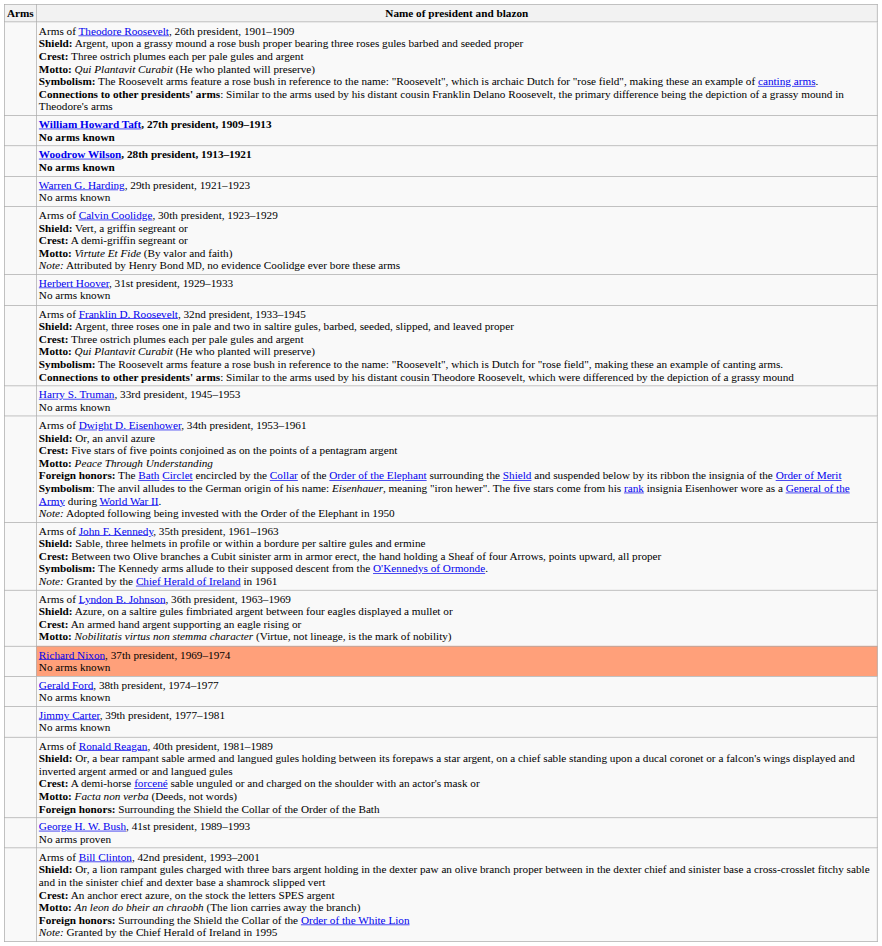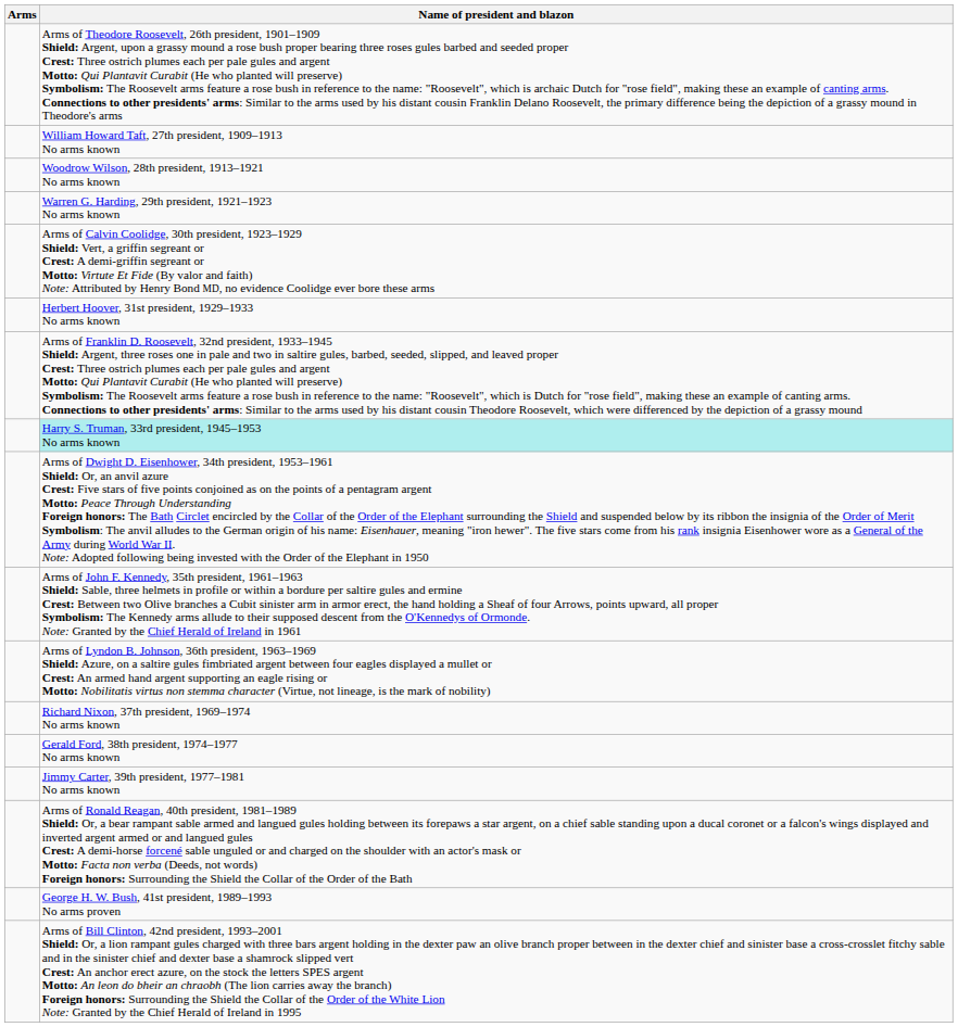 <table class=wikitable>
 <tr style="vertical-align:top; text-align:center;">
 <th>Arms</th>
 <th>Name of president and blazon</th>
 </tr>
 <tr valign=top>
 <td align=center></td>
 <td>Arms of <a href='#'>Theodore Roosevelt</a>, 26th president, 1901–1909<br><strong>Shield:</strong> Argent, upon a grassy mound a rose bush proper bearing three roses gules barbed and seeded proper<br><strong>Crest:</strong> Three ostrich plumes each per pale gules and argent<br><strong>Motto:</strong> <em>Qui Plantavit Curabit</em> (He who planted will preserve)<br><strong>Symbolism:</strong> The Roosevelt arms feature a rose bush in reference to the name: "Roosevelt", which is archaic Dutch for "rose field", making these an example of <a href='#'>canting arms</a>.<br><strong>Connections to other presidents' arms</strong>: Similar to the arms used by his distant cousin Franklin Delano Roosevelt, the primary difference being the depiction of a grassy mound in Theodore's arms</td>
 </tr>
 <tr valign=top>
 <td></td>
-<td><strong><a href='#'>William Howard Taft</a>, 27th president, 1909–1913<br>No arms known</strong></td>
+<td><a href='#'>William Howard Taft</a>, 27th president, 1909–1913<br>No arms known</td>
 </tr>
 <tr valign=top>
 <td></td>
-<td><strong><a href='#'>Woodrow Wilson</a>, 28th president, 1913–1921<br>No arms known</strong></td>
+<td><a href='#'>Woodrow Wilson</a>, 28th president, 1913–1921<br>No arms known</td>
 </tr>
 <tr valign=top>
 <td></td>
 <td><a href='#'>Warren G. Harding</a>, 29th president, 1921–1923<br>No arms known</td>
 </tr>
 <tr valign=top>
 <td align=center></td>
 <td>Arms of <a href='#'>Calvin Coolidge</a>, 30th president, 1923–1929<br><strong>Shield:</strong> Vert, a griffin segreant or<br><strong>Crest:</strong> A demi-griffin segreant or<br><strong>Motto:</strong> <em>Virtute Et Fide</em> (By valor and faith)<br><em>Note:</em> Attributed by Henry Bond <small>MD</small>, no evidence Coolidge ever bore these arms</td>
 </tr>
 <tr valign=top>
 <td></td>
 <td><a href='#'>Herbert Hoover</a>, 31st president, 1929–1933<br>No arms known</td>
 </tr>
 <tr valign=top>
 <td align=center></td>
 <td>Arms of <a href='#'>Franklin D. Roosevelt</a>, 32nd president, 1933–1945<br><strong>Shield:</strong> Argent, three roses one in pale and two in saltire gules, barbed, seeded, slipped, and leaved proper<br><strong>Crest:</strong> Three ostrich plumes each per pale gules and argent<br><strong>Motto:</strong> <em>Qui Plantavit Curabit</em> (He who planted will preserve)<br><strong>Symbolism:</strong> The Roosevelt arms feature a rose bush in reference to the name: "Roosevelt", which is Dutch for "rose field", making these an example of canting arms.<br><strong>Connections to other presidents' arms</strong>: Similar to the arms used by his distant cousin Theodore Roosevelt, which were differenced by the depiction of a grassy mound</td>
 </tr>
 <tr valign=top>
 <td></td>
-<td><a href='#'>Harry S. Truman</a>, 33rd president, 1945–1953<br>No arms known</td>
+<td style="background: paleturquoise;"><a href='#'>Harry S. Truman</a>, 33rd president, 1945–1953<br>No arms known</td>
 </tr>
 <tr valign=top>
 <td align=center></td>
 <td>Arms of <a href='#'>Dwight D. Eisenhower</a>, 34th president, 1953–1961<br><strong>Shield:</strong> Or, an anvil azure<br><strong>Crest:</strong> Five stars of five points conjoined as on the points of a pentagram argent<br><strong>Motto:</strong> <em>Peace Through Understanding</em><br><strong>Foreign honors:</strong> The <a href='#'>Bath</a> <a href='#'>Circlet</a> encircled by the <a href='#'>Collar</a> of the <a href='#'>Order of the Elephant</a> surrounding the <a href='#'>Shield</a> and suspended below by its ribbon the insignia of the <a href='#'>Order of Merit</a><br><strong>Symbolism</strong>: The anvil alludes to the German origin of his name: <em>Eisenhauer</em>, meaning "iron hewer". The five stars come from his <a href='#'>rank</a> insignia Eisenhower wore as a <a href='#'>General of the Army</a> during <a href='#'>World War II</a>.<br><em>Note:</em> Adopted following being invested with the Order of the Elephant in 1950</td>
 </tr>
 <tr valign=top>
 <td align=center></td>
 <td>Arms of <a href='#'>John F. Kennedy</a>, 35th president, 1961–1963<br><strong>Shield:</strong> Sable, three helmets in profile or within a bordure per saltire gules and ermine<br><strong>Crest:</strong> Between two Olive branches a Cubit sinister arm in armor erect, the hand holding a Sheaf of four Arrows, points upward, all proper<br><strong>Symbolism:</strong> The Kennedy arms allude to their supposed descent from the <a href='#'>O'Kennedys of Ormonde</a>.<br><em>Note:</em> Granted by the <a href='#'>Chief Herald of Ireland</a> in 1961</td>
 </tr>
 <tr valign=top>
 <td align=center></td>
 <td>Arms of <a href='#'>Lyndon B. Johnson</a>, 36th president, 1963–1969<br><strong>Shield:</strong> Azure, on a saltire gules fimbriated argent between four eagles displayed a mullet or<br><strong>Crest:</strong> An armed hand argent supporting an eagle rising or<br><strong>Motto:</strong> <em>Nobilitatis virtus non stemma character</em> (Virtue, not lineage, is the mark of nobility)</td>
 </tr>
 <tr valign=top |>
 <td></td>
-<td style="background: lightsalmon;"><a href='#'>Richard Nixon</a>, 37th president, 1969–1974<br>No arms known</td>
+<td><a href='#'>Richard Nixon</a>, 37th president, 1969–1974<br>No arms known</td>
 </tr>
 <tr valign=top |>
 <td></td>
 <td><a href='#'>Gerald Ford</a>, 38th president, 1974–1977<br>No arms known</td>
 </tr>
 <tr valign=top>
 <td></td>
 <td><a href='#'>Jimmy Carter</a>, 39th president, 1977–1981<br>No arms known</td>
 </tr>
 <tr valign=top>
 <td align=center></td>
 <td>Arms of <a href='#'>Ronald Reagan</a>, 40th president, 1981–1989<br><strong>Shield:</strong> Or, a bear rampant sable armed and langued gules holding between its forepaws a star argent, on a chief sable standing upon a ducal coronet or a falcon's wings displayed and inverted argent armed or and langued gules<br><strong>Crest:</strong> A demi-horse <a href='#'>forcené</a> sable unguled or and charged on the shoulder with an actor's mask or<br><strong>Motto:</strong> <em>Facta non verba</em> (Deeds, not words)<br><strong>Foreign honors:</strong> Surrounding the Shield the Collar of the Order of the Bath</td>
 </tr>
 <tr valign=top>
 <td></td>
 <td><a href='#'>George H. W. Bush</a>, 41st president, 1989–1993<br>No arms proven</td>
 </tr>
 <tr valign=top>
 <td align=center></td>
 <td>Arms of <a href='#'>Bill Clinton</a>, 42nd president, 1993–2001<br><strong>Shield:</strong> Or, a lion rampant gules charged with three bars argent holding in the dexter paw an olive branch proper between in the dexter chief and sinister base a cross-crosslet fitchy sable and in the sinister chief and dexter base a shamrock slipped vert<br><strong>Crest:</strong> An anchor erect azure, on the stock the letters SPES argent<br><strong>Motto:</strong> <em>An leon do bheir an chraobh</em> (The lion carries away the branch)<br><strong>Foreign honors:</strong> Surrounding the Shield the Collar of the <a href='#'>Order of the White Lion</a><br><em>Note:</em> Granted by the Chief Herald of Ireland in 1995</td>
 </tr>
 </table>
